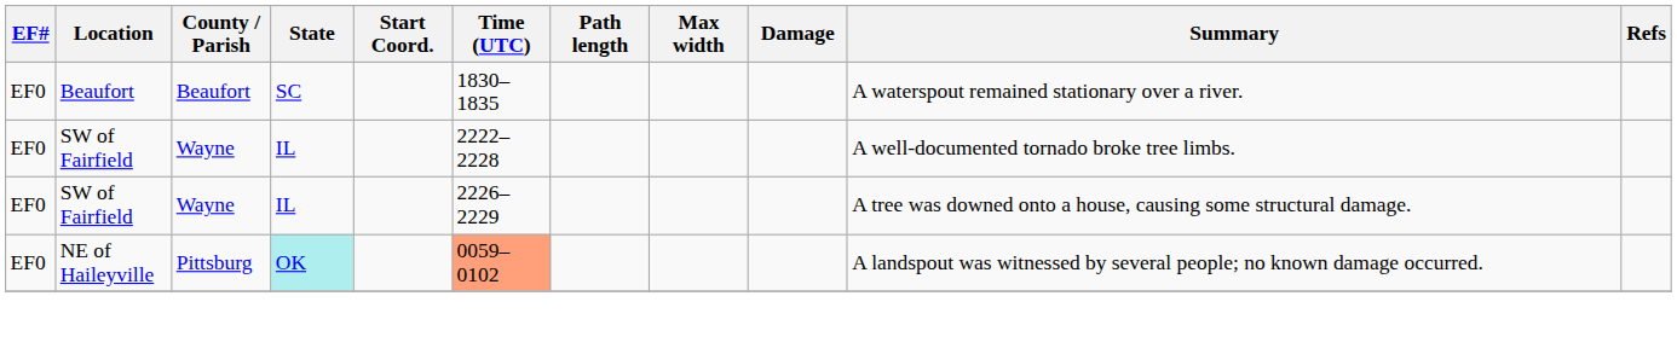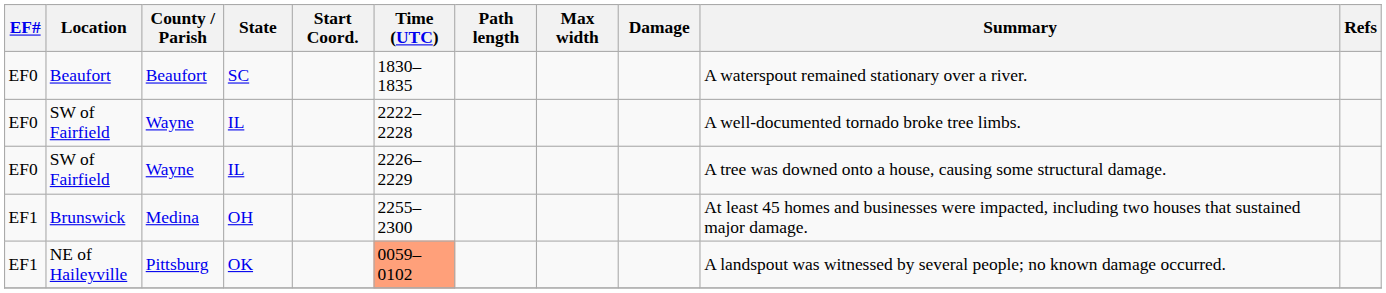 <table class="wikitable sortable" style="width:100%;">
 <tr>
 <th scope="col" width="3%" align="center"><a href='#'>EF#</a></th>
 <th scope="col" width="7%" align="center" class="unsortable">Location</th>
 <th scope="col" width="6%" align="center" class="unsortable">County / Parish</th>
 <th scope="col" width="5%" align="center">State</th>
 <th scope="col" width="6%" align="center">Start Coord.</th>
 <th scope="col" width="6%" align="center">Time (<a href='#'>UTC</a>)</th>
 <th scope="col" width="6%" align="center">Path length</th>
 <th scope="col" width="6%" align="center">Max width</th>
 <th scope="col" width="6%" align="center">Damage</th>
 <th scope="col" width="48%" class="unsortable" align="center">Summary</th>
 <th scope="col" width="48%" class="unsortable" align="center">Refs</th>
 </tr>
 <tr>
 <td>EF0</td>
 <td><a href='#'>Beaufort</a></td>
 <td><a href='#'>Beaufort</a></td>
 <td><a href='#'>SC</a></td>
 <td></td>
 <td>1830–1835</td>
 <td></td>
 <td></td>
 <td></td>
 <td>A waterspout remained stationary over a river.</td>
 <td></td>
 </tr>
 <tr>
 <td>EF0</td>
 <td>SW of <a href='#'>Fairfield</a></td>
 <td><a href='#'>Wayne</a></td>
 <td><a href='#'>IL</a></td>
 <td></td>
 <td>2222–2228</td>
 <td></td>
 <td></td>
 <td></td>
 <td>A well-documented tornado broke tree limbs.</td>
 <td></td>
 </tr>
 <tr>
 <td>EF0</td>
 <td>SW of <a href='#'>Fairfield</a></td>
 <td><a href='#'>Wayne</a></td>
 <td><a href='#'>IL</a></td>
 <td></td>
 <td>2226–2229</td>
 <td></td>
 <td></td>
 <td></td>
 <td>A tree was downed onto a house, causing some structural damage.</td>
 <td></td>
 </tr>
 <tr>
-<td>EF0</td>
+<td>EF1</td>
+<td><a href='#'>Brunswick</a></td>
+<td><a href='#'>Medina</a></td>
+<td><a href='#'>OH</a></td>
+<td></td>
+<td>2255–2300</td>
+<td></td>
+<td></td>
+<td></td>
+<td>At least 45 homes and businesses were impacted, including two houses that sustained major damage.</td>
+<td></td>
+</tr>
+<tr>
+<td>EF1</td>
 <td>NE of <a href='#'>Haileyville</a></td>
 <td><a href='#'>Pittsburg</a></td>
-<td style="background: paleturquoise;"><a href='#'>OK</a></td>
+<td><a href='#'>OK</a></td>
 <td></td>
 <td style="background: lightsalmon;">0059–0102</td>
 <td></td>
 <td></td>
 <td></td>
 <td>A landspout was witnessed by several people; no known damage occurred.</td>
 <td></td>
 </tr>
 <tr>
 </tr>
 </table>
